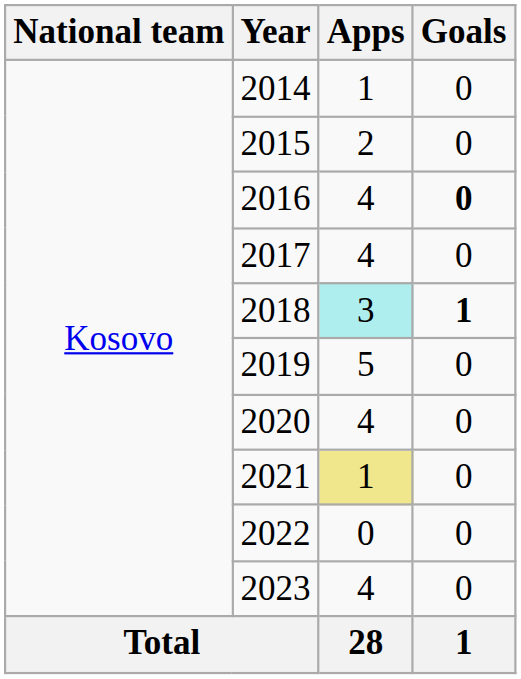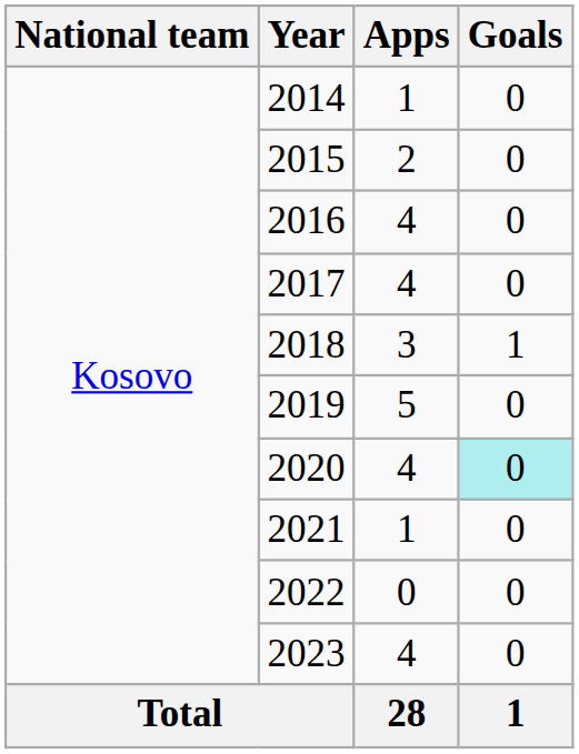 <table class="wikitable" style="text-align:center">
 <tr>
 <th>National team</th>
 <th>Year</th>
 <th>Apps</th>
 <th>Goals</th>
 </tr>
 <tr>
 <td rowspan="10"><a href='#'>Kosovo</a></td>
 <td>2014</td>
 <td>1</td>
 <td>0</td>
 </tr>
 <tr>
 <td>2015</td>
 <td>2</td>
 <td>0</td>
 </tr>
 <tr>
 <td>2016</td>
 <td>4</td>
-<td><strong>0</strong></td>
+<td>0</td>
 </tr>
 <tr>
 <td>2017</td>
 <td>4</td>
 <td>0</td>
 </tr>
 <tr>
 <td>2018</td>
-<td style="background: paleturquoise;">3</td>
-<td><strong>1</strong></td>
+<td>3</td>
+<td>1</td>
 </tr>
 <tr>
 <td>2019</td>
 <td>5</td>
 <td>0</td>
 </tr>
 <tr>
 <td>2020</td>
 <td>4</td>
-<td>0</td>
+<td style="background: paleturquoise;">0</td>
 </tr>
 <tr>
 <td>2021</td>
-<td style="background: khaki;">1</td>
+<td>1</td>
 <td>0</td>
 </tr>
 <tr>
 <td>2022</td>
 <td>0</td>
 <td>0</td>
 </tr>
 <tr>
 <td>2023</td>
 <td>4</td>
 <td>0</td>
 </tr>
 <tr>
 <th colspan="2">Total</th>
 <th>28</th>
 <th>1</th>
 </tr>
 </table>
